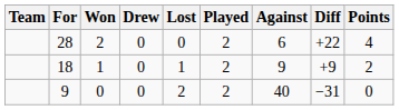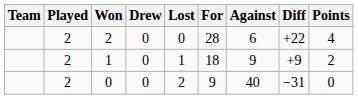 <table class="wikitable" style="text-align:center">
 <tr>
 <th>Team</th>
-<th>For</th>
+<th>Played</th>
 <th>Won</th>
 <th>Drew</th>
 <th>Lost</th>
-<th>Played</th>
+<th>For</th>
 <th>Against</th>
 <th>Diff</th>
 <th>Points</th>
 </tr>
 <tr>
 <td align=left></td>
-<td>28</td>
+<td>2</td>
 <td>2</td>
 <td>0</td>
 <td>0</td>
-<td>2</td>
+<td>28</td>
 <td>6</td>
 <td>+22</td>
 <td>4</td>
 </tr>
 <tr>
 <td align=left></td>
-<td>18</td>
+<td>2</td>
 <td>1</td>
 <td>0</td>
 <td>1</td>
-<td>2</td>
+<td>18</td>
 <td>9</td>
 <td>+9</td>
 <td>2</td>
 </tr>
 <tr>
 <td align=left></td>
-<td>9</td>
+<td>2</td>
 <td>0</td>
 <td>0</td>
 <td>2</td>
-<td>2</td>
+<td>9</td>
 <td>40</td>
 <td>−31</td>
 <td>0</td>
 </tr>
 </table>
